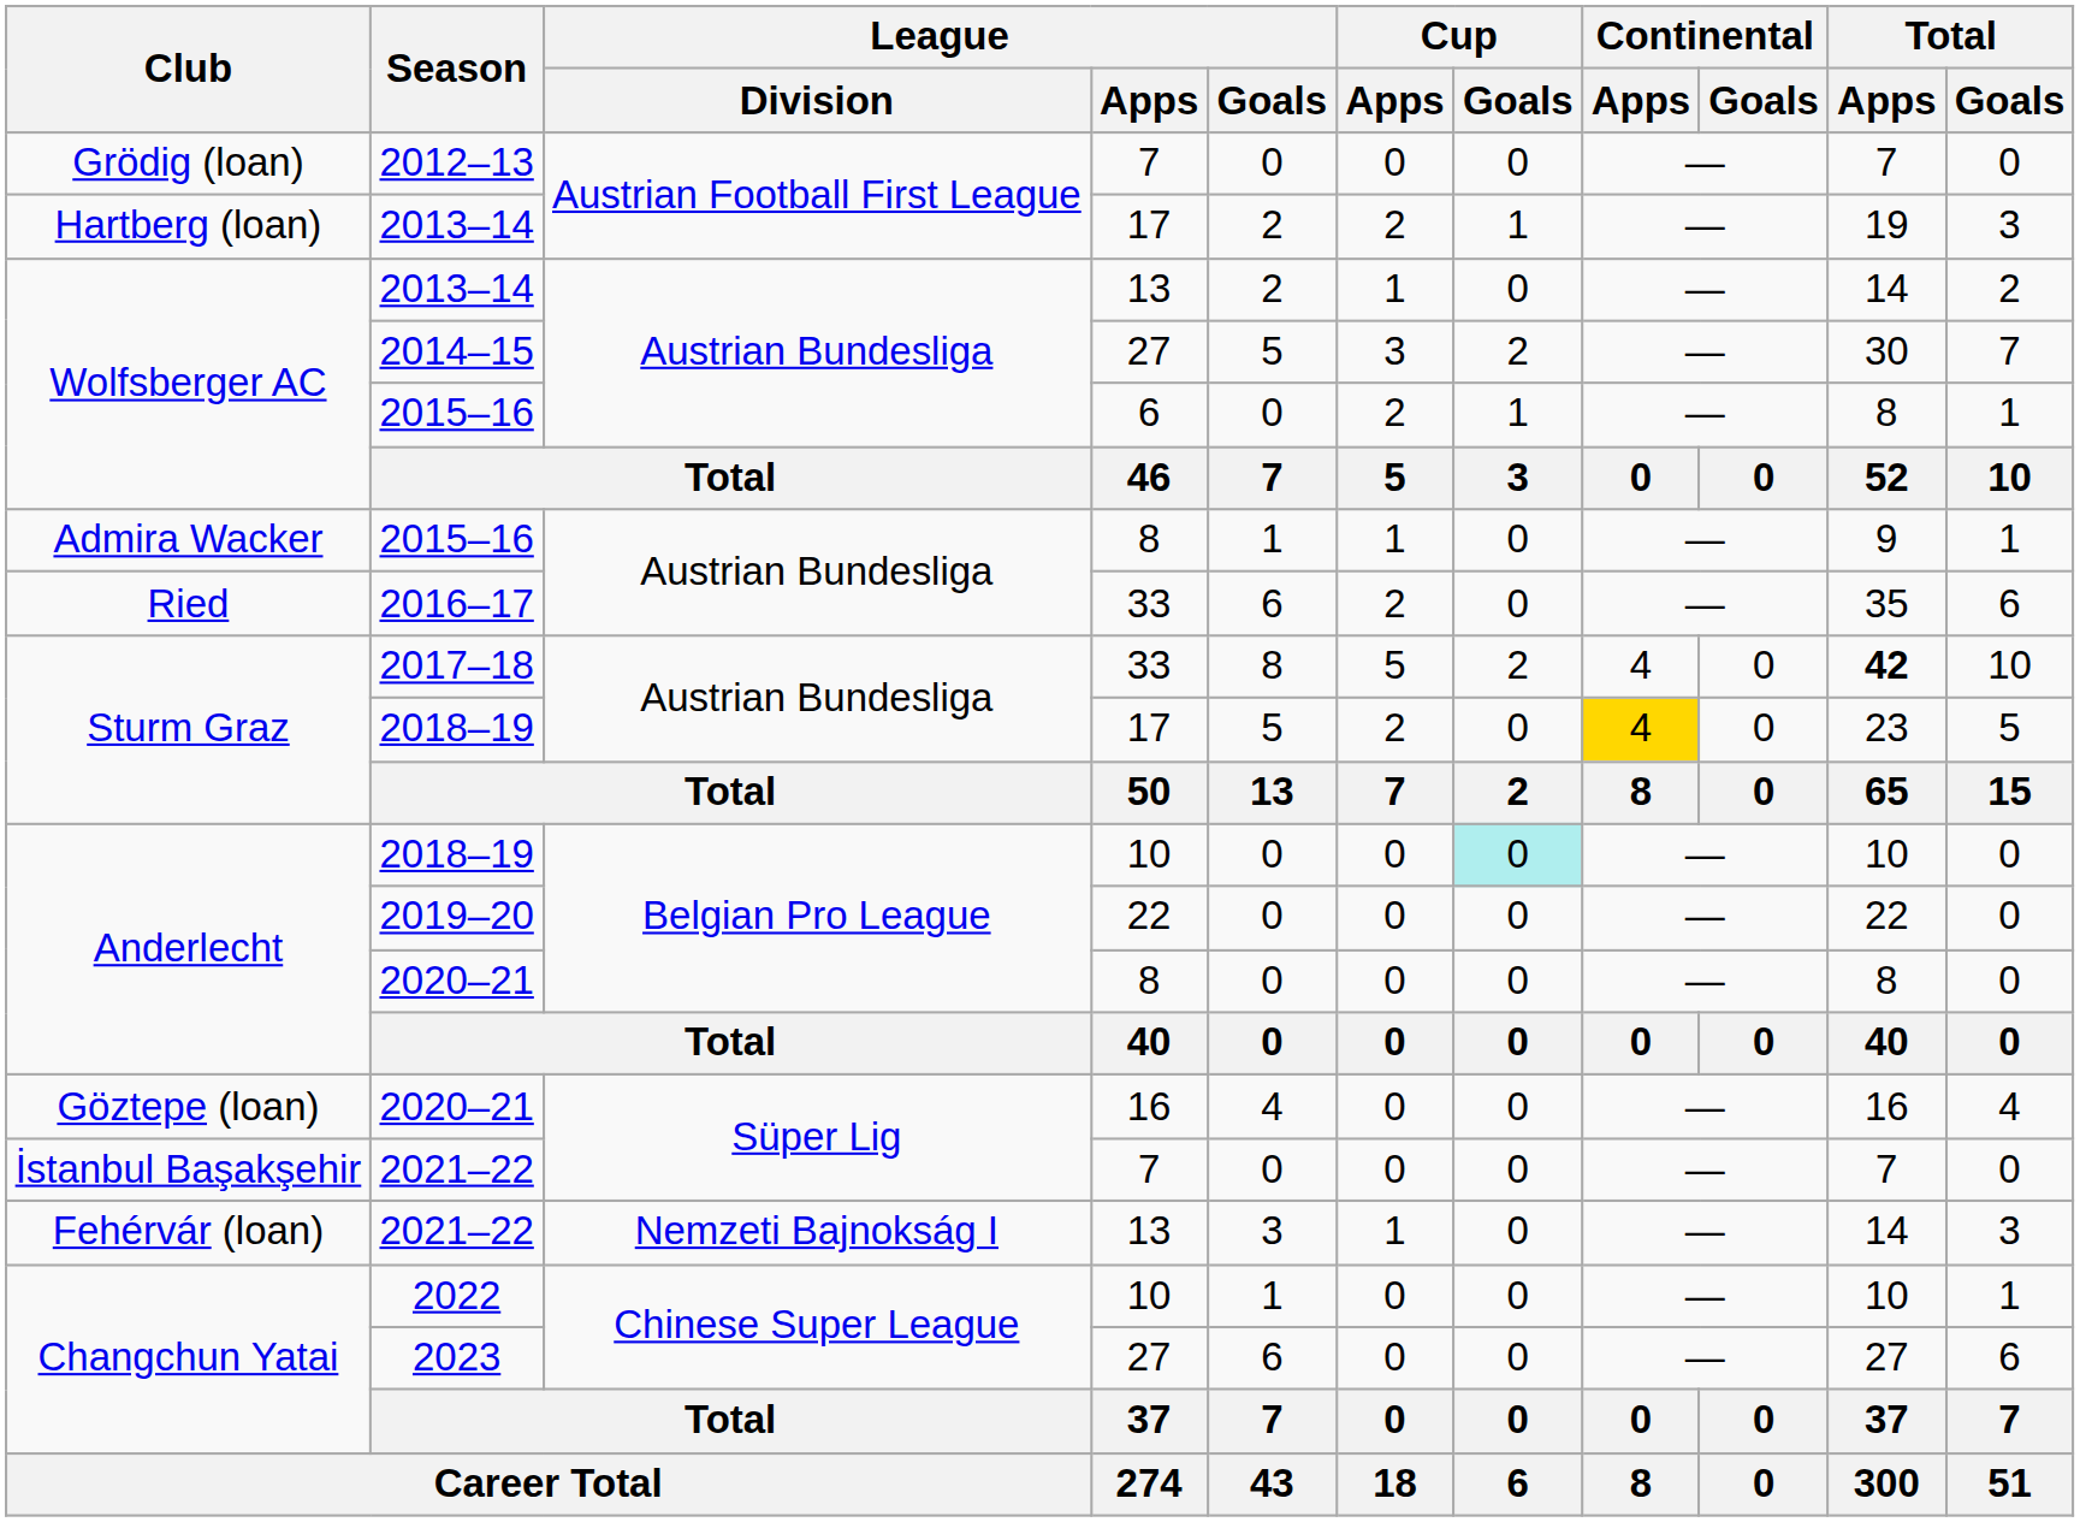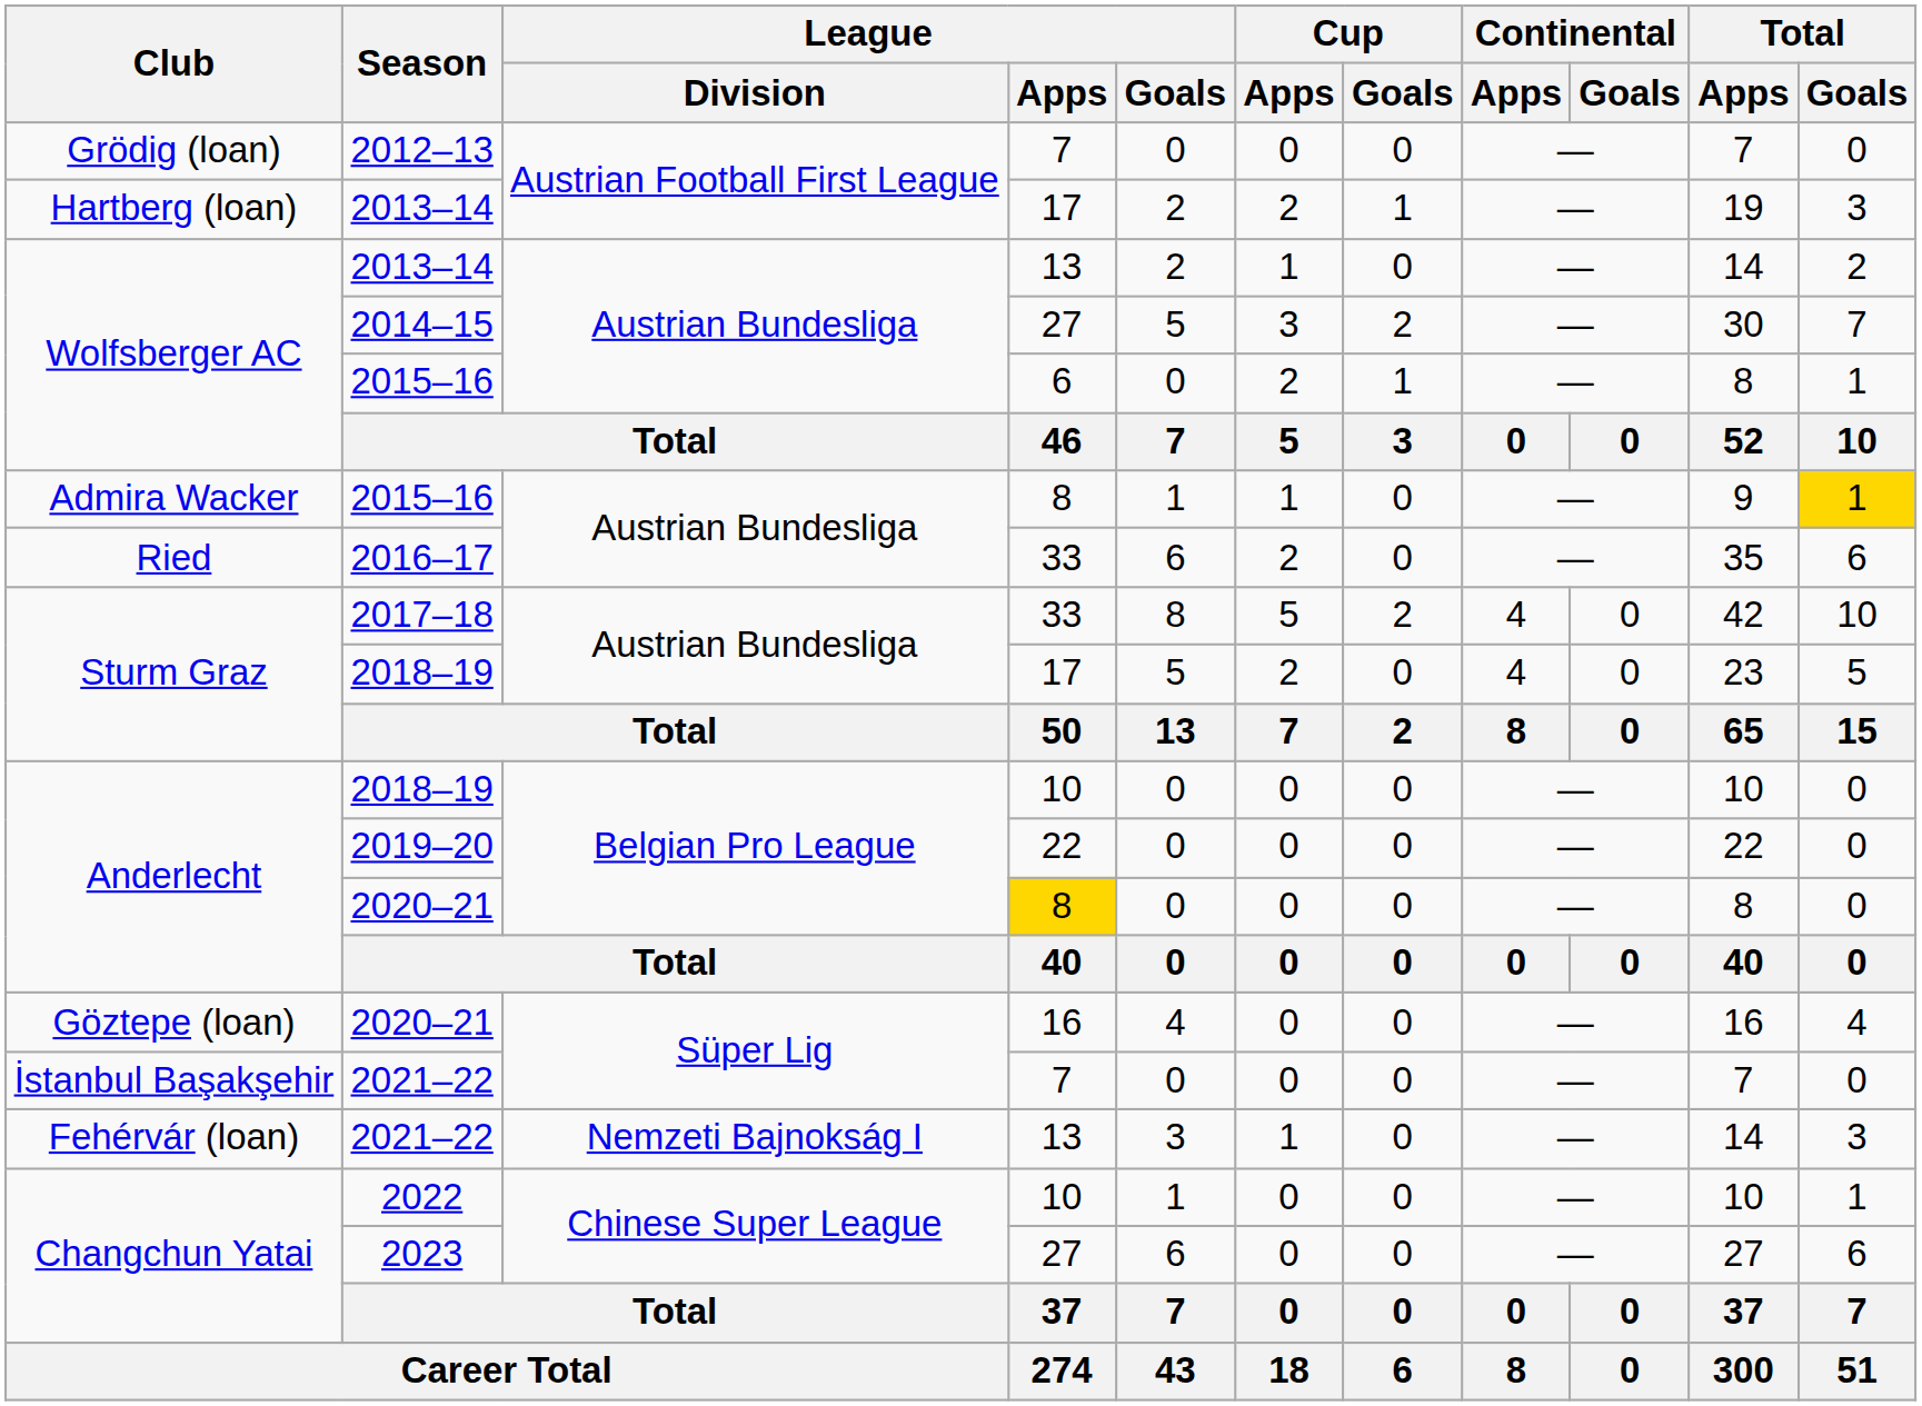 <table class="wikitable" style="text-align: center">
 <tr>
 <th rowspan="2">Club</th>
 <th rowspan="2">Season</th>
 <th colspan="3">League</th>
 <th colspan="2">Cup</th>
 <th colspan="2">Continental</th>
 <th colspan="2">Total</th>
 </tr>
 <tr>
 <th>Division</th>
 <th>Apps</th>
 <th>Goals</th>
 <th>Apps</th>
 <th>Goals</th>
 <th>Apps</th>
 <th>Goals</th>
 <th>Apps</th>
 <th>Goals</th>
 </tr>
 <tr>
 <td><a href='#'>Grödig</a> (loan)</td>
 <td><a href='#'>2012–13</a></td>
 <td rowspan="2"><a href='#'>Austrian Football First League</a></td>
 <td>7</td>
 <td>0</td>
 <td>0</td>
 <td>0</td>
 <td colspan="2">—</td>
 <td>7</td>
 <td>0</td>
 </tr>
 <tr>
 <td><a href='#'>Hartberg</a> (loan)</td>
 <td><a href='#'>2013–14</a></td>
 <td>17</td>
 <td>2</td>
 <td>2</td>
 <td>1</td>
 <td colspan="2">—</td>
 <td>19</td>
 <td>3</td>
 </tr>
 <tr>
 <td rowspan="4"><a href='#'>Wolfsberger AC</a></td>
 <td><a href='#'>2013–14</a></td>
 <td rowspan="3"><a href='#'>Austrian Bundesliga</a></td>
 <td>13</td>
 <td>2</td>
 <td>1</td>
 <td>0</td>
 <td colspan="2">—</td>
 <td>14</td>
 <td>2</td>
 </tr>
 <tr>
 <td><a href='#'>2014–15</a></td>
 <td>27</td>
 <td>5</td>
 <td>3</td>
 <td>2</td>
 <td colspan="2">—</td>
 <td>30</td>
 <td>7</td>
 </tr>
 <tr>
 <td><a href='#'>2015–16</a></td>
 <td>6</td>
 <td>0</td>
 <td>2</td>
 <td>1</td>
 <td colspan="2">—</td>
 <td>8</td>
 <td>1</td>
 </tr>
 <tr>
 <th colspan="2">Total</th>
 <th>46</th>
 <th>7</th>
 <th>5</th>
 <th>3</th>
 <th>0</th>
 <th>0</th>
 <th>52</th>
 <th>10</th>
 </tr>
 <tr>
 <td><a href='#'>Admira Wacker</a></td>
 <td><a href='#'>2015–16</a></td>
 <td rowspan="2">Austrian Bundesliga</td>
 <td>8</td>
 <td>1</td>
 <td>1</td>
 <td>0</td>
 <td colspan="2">—</td>
 <td>9</td>
-<td>1</td>
+<td style="background: gold;">1</td>
 </tr>
 <tr>
 <td><a href='#'>Ried</a></td>
 <td><a href='#'>2016–17</a></td>
 <td>33</td>
 <td>6</td>
 <td>2</td>
 <td>0</td>
 <td colspan="2">—</td>
 <td>35</td>
 <td>6</td>
 </tr>
 <tr>
 <td rowspan="3"><a href='#'>Sturm Graz</a></td>
 <td><a href='#'>2017–18</a></td>
 <td rowspan="2">Austrian Bundesliga</td>
 <td>33</td>
 <td>8</td>
 <td>5</td>
 <td>2</td>
 <td>4</td>
 <td>0</td>
-<td><strong>42</strong></td>
+<td>42</td>
 <td>10</td>
 </tr>
 <tr>
 <td><a href='#'>2018–19</a></td>
 <td>17</td>
 <td>5</td>
 <td>2</td>
 <td>0</td>
-<td style="background: gold;">4</td>
+<td>4</td>
 <td>0</td>
 <td>23</td>
 <td>5</td>
 </tr>
 <tr>
 <th colspan="2">Total</th>
 <th>50</th>
 <th>13</th>
 <th>7</th>
 <th>2</th>
 <th>8</th>
 <th>0</th>
 <th>65</th>
 <th>15</th>
 </tr>
 <tr>
 <td rowspan="4"><a href='#'>Anderlecht</a></td>
 <td><a href='#'>2018–19</a></td>
 <td rowspan="3"><a href='#'>Belgian Pro League</a></td>
 <td>10</td>
 <td>0</td>
 <td>0</td>
-<td style="background: paleturquoise;">0</td>
+<td>0</td>
 <td colspan="2">—</td>
 <td>10</td>
 <td>0</td>
 </tr>
 <tr>
 <td><a href='#'>2019–20</a></td>
 <td>22</td>
 <td>0</td>
 <td>0</td>
 <td>0</td>
 <td colspan="2">—</td>
 <td>22</td>
 <td>0</td>
 </tr>
 <tr>
 <td><a href='#'>2020–21</a></td>
-<td>8</td>
+<td style="background: gold;">8</td>
 <td>0</td>
 <td>0</td>
 <td>0</td>
 <td colspan="2">—</td>
 <td>8</td>
 <td>0</td>
 </tr>
 <tr>
 <th colspan="2">Total</th>
 <th>40</th>
 <th>0</th>
 <th>0</th>
 <th>0</th>
 <th>0</th>
 <th>0</th>
 <th>40</th>
 <th>0</th>
 </tr>
 <tr>
 <td><a href='#'>Göztepe</a> (loan)</td>
 <td><a href='#'>2020–21</a></td>
 <td rowspan="2"><a href='#'>Süper Lig</a></td>
 <td>16</td>
 <td>4</td>
 <td>0</td>
 <td>0</td>
 <td colspan="2">—</td>
 <td>16</td>
 <td>4</td>
 </tr>
 <tr>
 <td><a href='#'>İstanbul Başakşehir</a></td>
 <td><a href='#'>2021–22</a></td>
 <td>7</td>
 <td>0</td>
 <td>0</td>
 <td>0</td>
 <td colspan="2">—</td>
 <td>7</td>
 <td>0</td>
 </tr>
 <tr>
 <td><a href='#'>Fehérvár</a> (loan)</td>
 <td><a href='#'>2021–22</a></td>
 <td><a href='#'>Nemzeti Bajnokság I</a></td>
 <td>13</td>
 <td>3</td>
 <td>1</td>
 <td>0</td>
 <td colspan="2">—</td>
 <td>14</td>
 <td>3</td>
 </tr>
 <tr>
 <td rowspan="3"><a href='#'>Changchun Yatai</a></td>
 <td><a href='#'>2022</a></td>
 <td rowspan="2"><a href='#'>Chinese Super League</a></td>
 <td>10</td>
 <td>1</td>
 <td>0</td>
 <td>0</td>
 <td colspan="2">—</td>
 <td>10</td>
 <td>1</td>
 </tr>
 <tr>
 <td><a href='#'>2023</a></td>
 <td>27</td>
 <td>6</td>
 <td>0</td>
 <td>0</td>
 <td colspan="2">—</td>
 <td>27</td>
 <td>6</td>
 </tr>
 <tr>
 <th colspan="2">Total</th>
 <th>37</th>
 <th>7</th>
 <th>0</th>
 <th>0</th>
 <th>0</th>
 <th>0</th>
 <th>37</th>
 <th>7</th>
 </tr>
 <tr>
 <th colspan="3">Career Total</th>
 <th>274</th>
 <th>43</th>
 <th>18</th>
 <th>6</th>
 <th>8</th>
 <th>0</th>
 <th>300</th>
 <th>51</th>
 </tr>
 </table>
